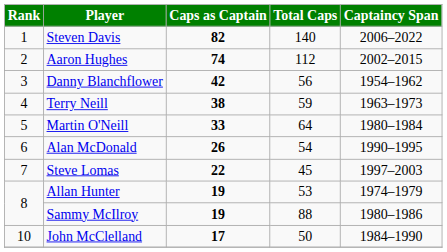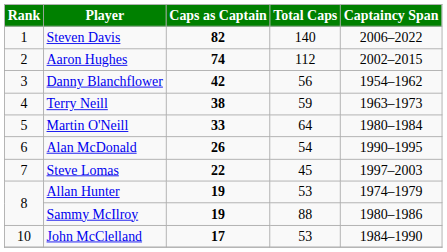 <table class="wikitable sortable" style="text-align:center;">
 <tr>
 <th style="background-color:#008000; color:white; ">Rank</th>
 <th style="background-color:#008000; color:white; ">Player</th>
 <th style="background-color:#008000; color:white; ">Caps as Captain</th>
 <th style="background-color:#008000; color:white; ">Total Caps</th>
 <th style="background-color:#008000; color:white; ">Captaincy Span</th>
 </tr>
 <tr>
 <td>1</td>
 <td align="left"><a href='#'>Steven Davis</a></td>
 <td><strong>82</strong></td>
 <td>140</td>
 <td>2006–2022</td>
 </tr>
 <tr>
 <td>2</td>
 <td align="left"><a href='#'>Aaron Hughes</a></td>
 <td><strong>74</strong></td>
 <td>112</td>
 <td>2002–2015</td>
 </tr>
 <tr>
 <td>3</td>
 <td align="left"><a href='#'>Danny Blanchflower</a></td>
 <td><strong>42</strong></td>
 <td>56</td>
 <td>1954–1962</td>
 </tr>
 <tr>
 <td>4</td>
 <td align="left"><a href='#'>Terry Neill</a></td>
 <td><strong>38</strong></td>
 <td>59</td>
 <td>1963–1973</td>
 </tr>
 <tr>
 <td>5</td>
 <td align="left"><a href='#'>Martin O'Neill</a></td>
 <td><strong>33</strong></td>
 <td>64</td>
 <td>1980–1984</td>
 </tr>
 <tr>
 <td>6</td>
 <td align="left"><a href='#'>Alan McDonald</a></td>
 <td><strong>26</strong></td>
 <td>54</td>
 <td>1990–1995</td>
 </tr>
 <tr>
 <td>7</td>
 <td align="left"><a href='#'>Steve Lomas</a></td>
 <td><strong>22</strong></td>
 <td>45</td>
 <td>1997–2003</td>
 </tr>
 <tr>
 <td rowspan=2>8</td>
 <td align="left"><a href='#'>Allan Hunter</a></td>
 <td><strong>19</strong></td>
 <td>53</td>
 <td>1974–1979</td>
 </tr>
 <tr>
 <td align="left"><a href='#'>Sammy McIlroy</a></td>
 <td><strong>19</strong></td>
 <td>88</td>
 <td>1980–1986</td>
 </tr>
 <tr>
 <td>10</td>
 <td align="left"><a href='#'>John McClelland</a></td>
 <td><strong>17</strong></td>
-<td>50</td>
+<td>53</td>
 <td>1984–1990</td>
 </tr>
 <tr>
 </tr>
 </table>
